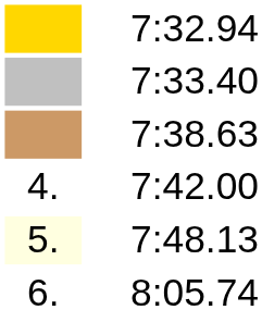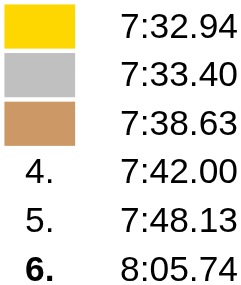 <table style="text-align:center">
 <tr>
 <td width=30 bgcolor=gold></td>
 <td align=left></td>
 <td width=80>7:32.94</td>
 </tr>
 <tr>
 <td bgcolor=silver></td>
 <td align=left></td>
 <td>7:33.40</td>
 </tr>
 <tr>
 <td bgcolor=cc9966></td>
 <td align=left></td>
 <td>7:38.63</td>
 </tr>
 <tr>
 <td>4.</td>
 <td align=left></td>
 <td>7:42.00</td>
 </tr>
 <tr>
-<td style="background: lightyellow;">5.</td>
+<td>5.</td>
 <td align=left></td>
 <td>7:48.13</td>
 </tr>
 <tr>
-<td>6.</td>
+<td><strong>6.</strong></td>
 <td align=left></td>
 <td>8:05.74</td>
 </tr>
 </table>
